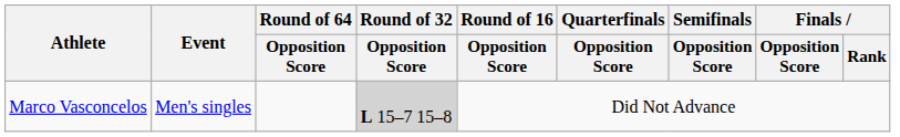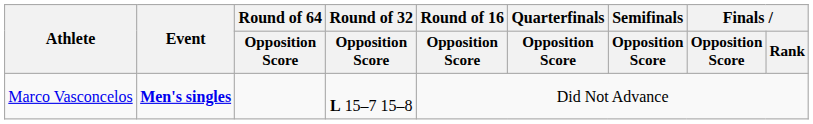 <table class="wikitable" style="font-size:90%">
 <tr>
 <th rowspan="2">Athlete</th>
 <th rowspan="2">Event</th>
 <th>Round of 64</th>
 <th>Round of 32</th>
 <th>Round of 16</th>
 <th>Quarterfinals</th>
 <th>Semifinals</th>
 <th colspan="2">Finals / </th>
 </tr>
 <tr style="font-size:95%">
 <th>Opposition<br>Score</th>
 <th>Opposition<br>Score</th>
 <th>Opposition<br>Score</th>
 <th>Opposition<br>Score</th>
 <th>Opposition<br>Score</th>
 <th>Opposition<br>Score</th>
 <th>Rank</th>
 </tr>
 <tr align=center>
 <td><a href='#'>Marco Vasconcelos</a></td>
-<td><a href='#'>Men's singles</a></td>
+<td><strong><a href='#'>Men's singles</a></strong></td>
 <td></td>
-<td style="background: lightgrey;"> <br><strong>L</strong> 15–7 15–8</td>
+<td> <br><strong>L</strong> 15–7 15–8</td>
 <td colspan=5>Did Not Advance</td>
 </tr>
 </table>
